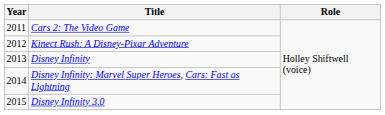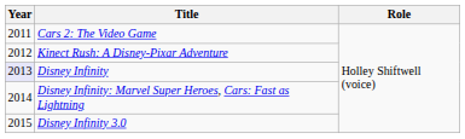 <table class="wikitable sortable plainrowheaders">
 <tr>
 <th scope="col">Year</th>
 <th scope="col">Title</th>
 <th scope="col" class="unsortable">Role</th>
 </tr>
 <tr>
 <td>2011</td>
 <td><em><a href='#'>Cars 2: The Video Game</a></em></td>
 <td rowspan="5">Holley Shiftwell (voice)</td>
 </tr>
 <tr>
 <td>2012</td>
 <td><em><a href='#'>Kinect Rush: A Disney-Pixar Adventure</a></em></td>
 </tr>
 <tr>
-<td>2013</td>
+<td style="background: lavender;">2013</td>
 <td><em><a href='#'>Disney Infinity</a></em></td>
 </tr>
 <tr>
 <td>2014</td>
 <td><em><a href='#'>Disney Infinity: Marvel Super Heroes</a></em>, <em><a href='#'>Cars: Fast as Lightning</a></em></td>
 </tr>
 <tr>
 <td>2015</td>
 <td><em><a href='#'>Disney Infinity 3.0</a></em></td>
 </tr>
 </table>
